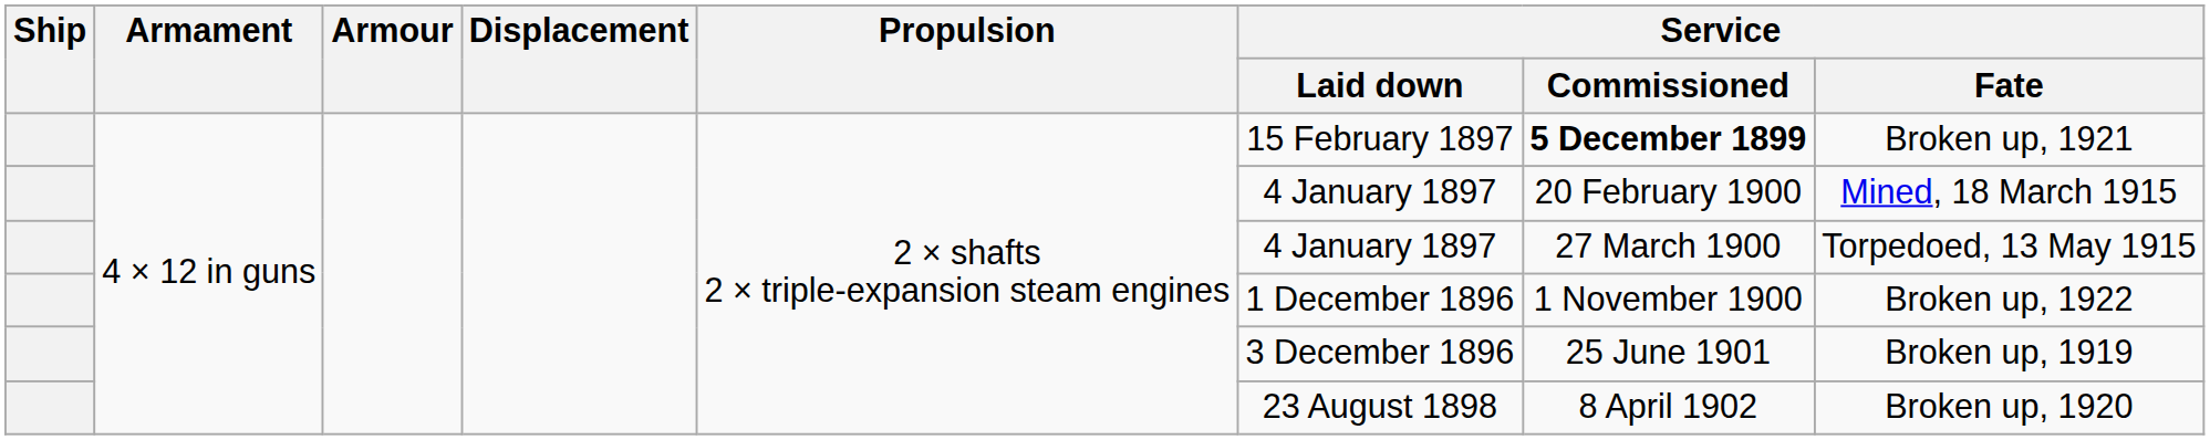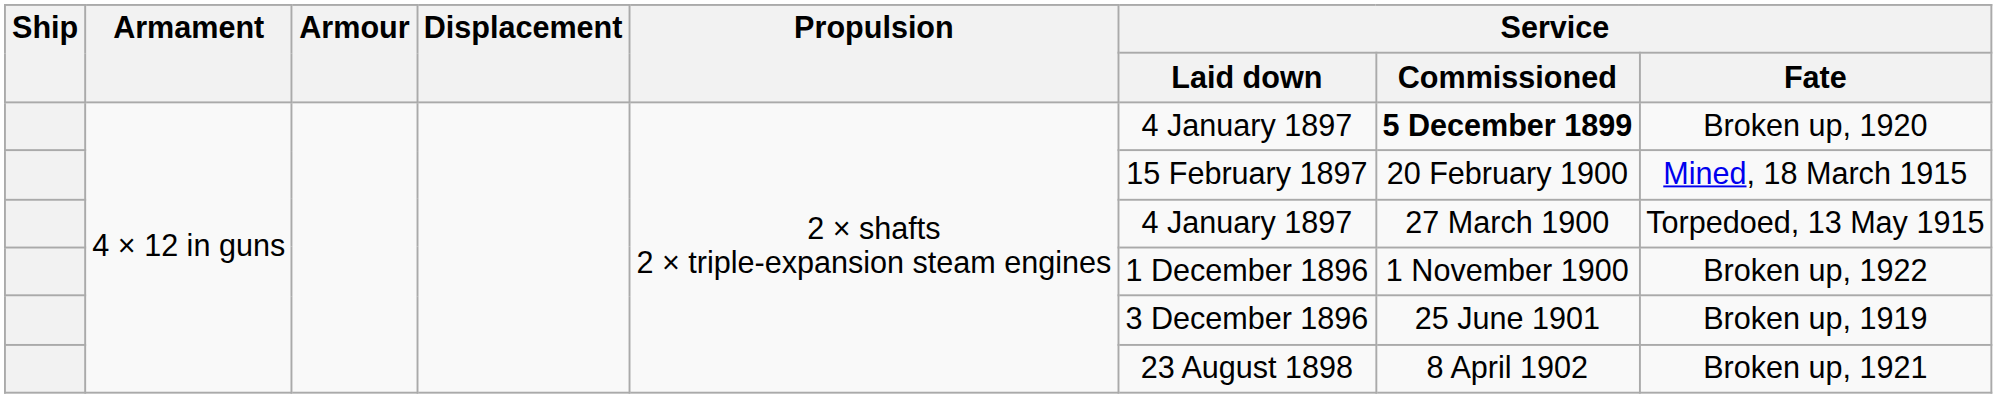 <table class="wikitable plainrowheaders" style="text-align: center;">
 <tr valign="top">
 <th scope="col" rowspan="2">Ship</th>
 <th scope="col" rowspan="2">Armament</th>
 <th scope="col" rowspan="2">Armour</th>
 <th scope="col" rowspan="2">Displacement</th>
 <th scope="col" rowspan="2">Propulsion</th>
 <th scope="col" colspan="3">Service</th>
 </tr>
 <tr valign="top">
 <th scope="col">Laid down</th>
 <th scope="col">Commissioned</th>
 <th scope="col">Fate</th>
 </tr>
 <tr valign="center">
 <th scope="row"></th>
 <td rowspan="6">4 × 12 in guns</td>
 <td rowspan="6"></td>
 <td rowspan="6"></td>
 <td rowspan="6">2 × shafts<br>2 × triple-expansion steam engines<br></td>
-<td>15 February 1897</td>
+<td>4 January 1897</td>
 <td><strong>5 December 1899</strong></td>
-<td>Broken up, 1921</td>
+<td>Broken up, 1920</td>
 </tr>
 <tr valign="top">
 <th scope="row"></th>
-<td>4 January 1897</td>
+<td>15 February 1897</td>
 <td>20 February 1900</td>
 <td><a href='#'>Mined</a>, 18 March 1915</td>
 </tr>
 <tr valign="top">
 <th scope="row"></th>
 <td>4 January 1897</td>
 <td>27 March 1900</td>
 <td>Torpedoed, 13 May 1915</td>
 </tr>
 <tr valign="top">
 <th scope="row"></th>
 <td>1 December 1896</td>
 <td>1 November 1900</td>
 <td>Broken up, 1922</td>
 </tr>
 <tr valign="top">
 <th scope="row"></th>
 <td>3 December 1896</td>
 <td>25 June 1901</td>
 <td>Broken up, 1919</td>
 </tr>
 <tr valign="top">
 <th scope="row"></th>
 <td>23 August 1898</td>
 <td>8 April 1902</td>
-<td>Broken up, 1920</td>
+<td>Broken up, 1921</td>
 </tr>
 </table>
